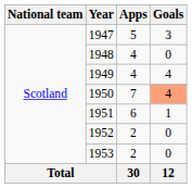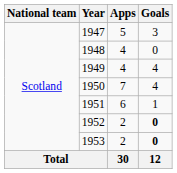 <table class=wikitable style="text-align:center">
 <tr>
 <th>National team</th>
 <th>Year</th>
 <th>Apps</th>
 <th>Goals</th>
 </tr>
 <tr>
 <td rowspan="7"><a href='#'>Scotland</a></td>
 <td>1947</td>
 <td>5</td>
 <td>3</td>
 </tr>
 <tr>
 <td>1948</td>
 <td>4</td>
 <td>0</td>
 </tr>
 <tr>
 <td>1949</td>
 <td>4</td>
 <td>4</td>
 </tr>
 <tr>
 <td>1950</td>
 <td>7</td>
-<td style="background: lightsalmon;">4</td>
+<td>4</td>
 </tr>
 <tr>
 <td>1951</td>
 <td>6</td>
 <td>1</td>
 </tr>
 <tr>
 <td>1952</td>
 <td>2</td>
-<td>0</td>
+<td><strong>0</strong></td>
 </tr>
 <tr>
 <td>1953</td>
 <td>2</td>
-<td>0</td>
+<td><strong>0</strong></td>
 </tr>
 <tr>
 <th colspan="2">Total</th>
 <th>30</th>
 <th>12</th>
 </tr>
 </table>
